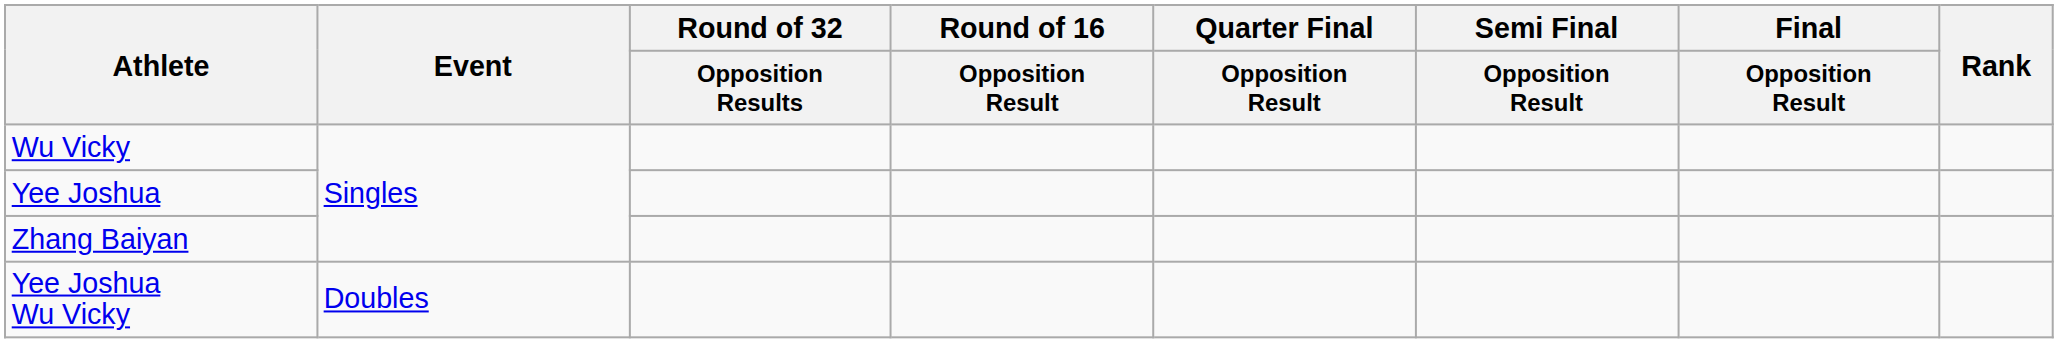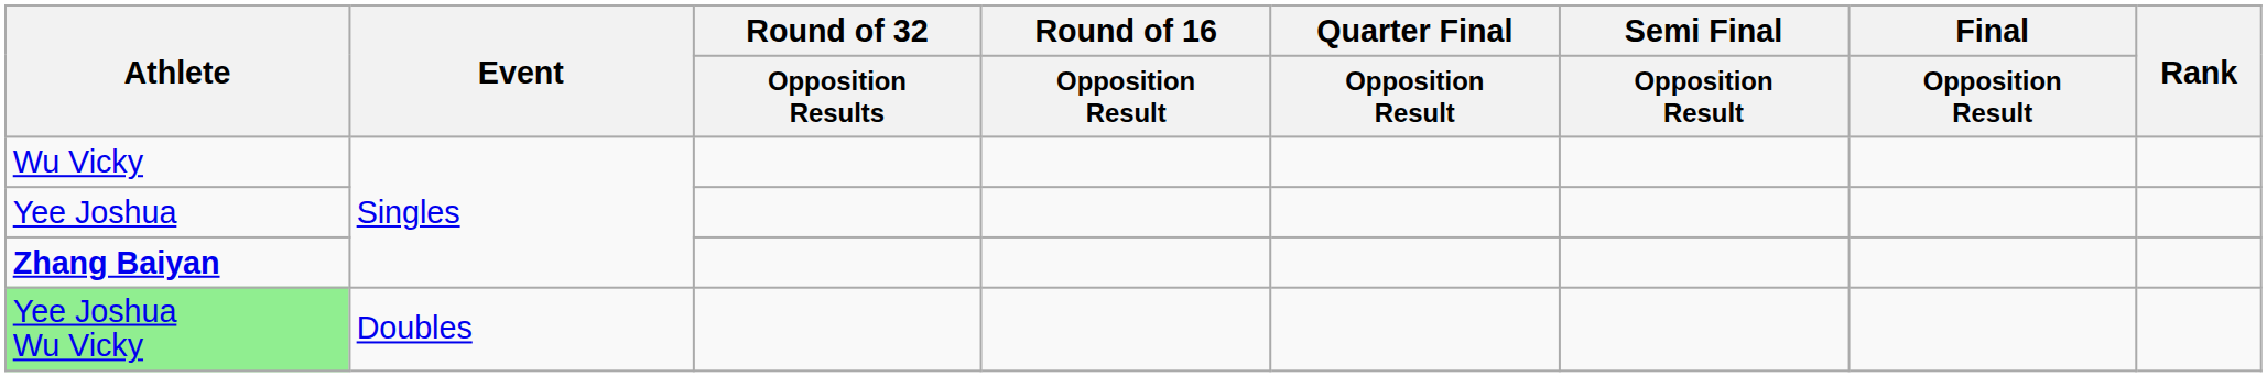 <table class=wikitable style="font-size:90%">
 <tr>
 <th rowspan="2" width=150>Athlete</th>
 <th rowspan="2" width=150>Event</th>
 <th width=125>Round of 32</th>
 <th width=125>Round of 16</th>
 <th width=125>Quarter Final</th>
 <th width=125>Semi Final</th>
 <th width=125>Final</th>
 <th rowspan="2" width=50>Rank</th>
 </tr>
 <tr>
 <th style="line-height:1em"><small>Opposition<br>Results</small></th>
 <th style="line-height:1em"><small>Opposition<br>Result</small></th>
 <th style="line-height:1em"><small>Opposition<br>Result</small></th>
 <th style="line-height:1em"><small>Opposition<br>Result</small></th>
 <th style="line-height:1em"><small>Opposition<br>Result</small></th>
 </tr>
 <tr>
 <td><a href='#'>Wu Vicky</a></td>
 <td rowspan=3><a href='#'>Singles</a></td>
 <td align=><br></td>
 <td align=><br></td>
 <td align=><br></td>
 <td align=><br></td>
 <td align=><br></td>
 <td></td>
 </tr>
 <tr>
 <td><a href='#'>Yee Joshua</a></td>
 <td align=><br></td>
 <td align=><br></td>
 <td align=><br></td>
 <td align=><br></td>
 <td align=><br></td>
 <td></td>
 </tr>
 <tr>
-<td><a href='#'>Zhang Baiyan</a></td>
+<td><strong><a href='#'>Zhang Baiyan</a></strong></td>
 <td align=><br></td>
 <td align=><br></td>
 <td align=><br></td>
 <td align=><br></td>
 <td align=><br></td>
 <td></td>
 </tr>
 <tr>
-<td><a href='#'>Yee Joshua</a><br> <a href='#'>Wu Vicky</a></td>
+<td style="background: lightgreen;"><a href='#'>Yee Joshua</a><br> <a href='#'>Wu Vicky</a></td>
 <td rowspan=2><a href='#'>Doubles</a></td>
 <td align=><br></td>
 <td align=><br></td>
 <td align=><br></td>
 <td align=><br></td>
 <td align=><br></td>
 <td></td>
 </tr>
 </table>
